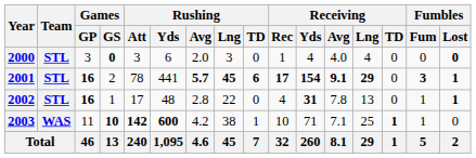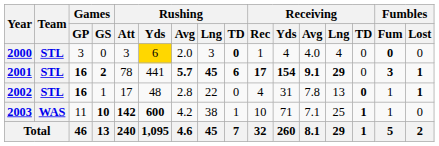 <table class="wikitable" style="text-align:center;">
 <tr>
 <th rowspan="2">Year</th>
 <th rowspan="2">Team</th>
 <th colspan="2">Games</th>
 <th colspan="5">Rushing</th>
 <th colspan="5">Receiving</th>
 <th colspan="2">Fumbles</th>
 </tr>
 <tr>
 <th>GP</th>
 <th>GS</th>
 <th>Att</th>
 <th>Yds</th>
 <th>Avg</th>
 <th>Lng</th>
 <th>TD</th>
 <th>Rec</th>
 <th>Yds</th>
 <th>Avg</th>
 <th>Lng</th>
 <th>TD</th>
 <th>Fum</th>
 <th>Lost</th>
 </tr>
 <tr>
 <th><a href='#'>2000</a></th>
 <th><a href='#'>STL</a></th>
 <td>3</td>
-<td><strong>0</strong></td>
+<td>0</td>
 <td>3</td>
-<td>6</td>
+<td style="background: gold;">6</td>
 <td>2.0</td>
 <td>3</td>
-<td>0</td>
+<td><strong>0</strong></td>
 <td>1</td>
 <td>4</td>
 <td>4.0</td>
 <td>4</td>
 <td>0</td>
+<td><strong>0</strong></td>
 <td>0</td>
-<td><strong>0</strong></td>
 </tr>
 <tr>
 <th><a href='#'>2001</a></th>
 <th><a href='#'>STL</a></th>
 <td><strong>16</strong></td>
-<td>2</td>
+<td><strong>2</strong></td>
 <td>78</td>
 <td>441</td>
 <td><strong>5.7</strong></td>
 <td><strong>45</strong></td>
 <td><strong>6</strong></td>
 <td><strong>17</strong></td>
 <td><strong>154</strong></td>
 <td><strong>9.1</strong></td>
 <td><strong>29</strong></td>
 <td>0</td>
 <td><strong>3</strong></td>
 <td><strong>1</strong></td>
 </tr>
 <tr>
 <th><a href='#'>2002</a></th>
 <th><a href='#'>STL</a></th>
 <td><strong>16</strong></td>
 <td>1</td>
 <td>17</td>
 <td>48</td>
 <td>2.8</td>
 <td>22</td>
 <td>0</td>
 <td>4</td>
-<td><strong>31</strong></td>
+<td>31</td>
 <td>7.8</td>
 <td>13</td>
-<td>0</td>
+<td><strong>0</strong></td>
 <td>1</td>
 <td><strong>1</strong></td>
 </tr>
 <tr>
 <th><a href='#'>2003</a></th>
 <th><a href='#'>WAS</a></th>
 <td>11</td>
 <td><strong>10</strong></td>
 <td><strong>142</strong></td>
 <td><strong>600</strong></td>
 <td>4.2</td>
 <td>38</td>
 <td>1</td>
 <td>10</td>
 <td>71</td>
 <td>7.1</td>
 <td>25</td>
 <td><strong>1</strong></td>
 <td>1</td>
 <td>0</td>
 </tr>
 <tr>
 <th colspan="2">Total</th>
 <th>46</th>
 <th>13</th>
 <th>240</th>
 <th>1,095</th>
 <th>4.6</th>
 <th>45</th>
 <th>7</th>
 <th>32</th>
 <th>260</th>
 <th>8.1</th>
 <th>29</th>
 <th>1</th>
 <th>5</th>
 <th>2</th>
 </tr>
 </table>
